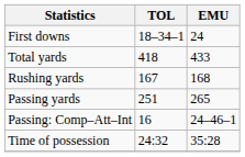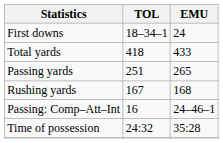 <table class="wikitable" style="float: left;">
 <tr>
 <th>Statistics</th>
 <th>TOL</th>
 <th>EMU</th>
 </tr>
 <tr>
 <td>First downs</td>
 <td>18–34–1</td>
 <td>24</td>
 </tr>
 <tr>
 <td>Total yards</td>
 <td>418</td>
 <td>433</td>
 </tr>
 <tr>
+<td>Passing yards</td>
+<td>251</td>
+<td>265</td>
+</tr>
+<tr>
 <td>Rushing yards</td>
 <td>167</td>
 <td>168</td>
-</tr>
-<tr>
-<td>Passing yards</td>
-<td>251</td>
-<td>265</td>
 </tr>
 <tr>
 <td>Passing: Comp–Att–Int</td>
 <td>16</td>
 <td>24–46–1</td>
 </tr>
 <tr>
 <td>Time of possession</td>
 <td>24:32</td>
 <td>35:28</td>
 </tr>
 <tr>
 </tr>
 </table>
